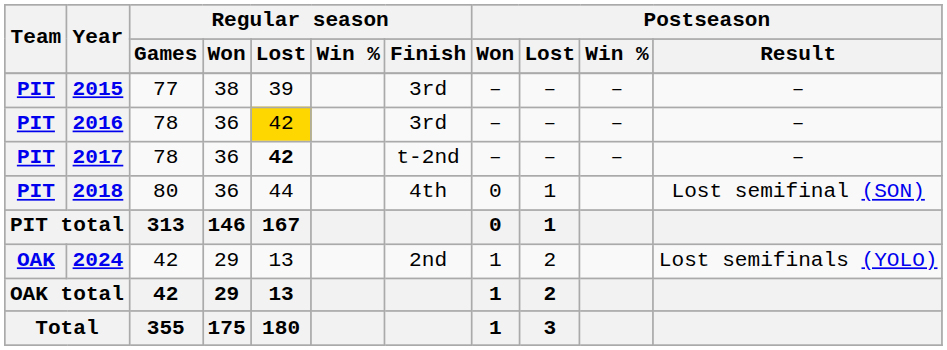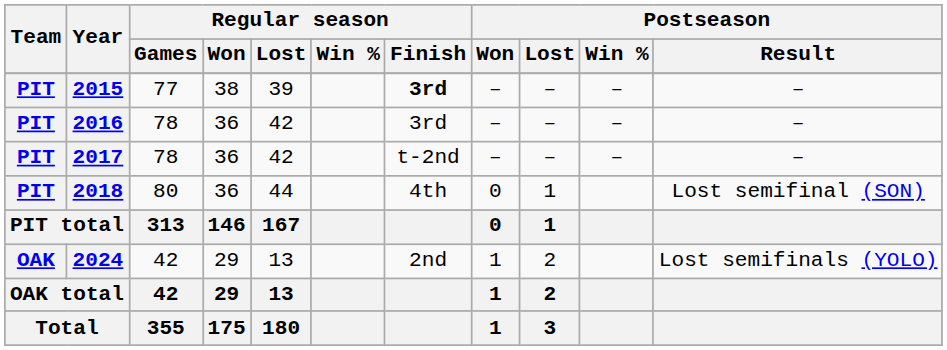 <table class="wikitable" style="font-size: 95%; text-align:center;">
 <tr>
 <th rowspan="2">Team</th>
 <th rowspan="2">Year</th>
 <th colspan="5">Regular season</th>
 <th colspan="4">Postseason</th>
 </tr>
 <tr>
 <th>Games</th>
 <th>Won</th>
 <th>Lost</th>
 <th>Win %</th>
 <th>Finish</th>
 <th>Won</th>
 <th>Lost</th>
 <th>Win %</th>
 <th>Result</th>
 </tr>
 <tr>
 </tr>
 <tr>
 <th><a href='#'>PIT</a></th>
 <th><a href='#'>2015</a></th>
 <td>77</td>
 <td>38</td>
 <td>39</td>
 <td></td>
-<td>3rd</td>
+<td><strong>3rd</strong></td>
 <td>–</td>
 <td>–</td>
 <td>–</td>
 <td>–</td>
 </tr>
 <tr>
 <th><a href='#'>PIT</a></th>
 <th><a href='#'>2016</a></th>
 <td>78</td>
 <td>36</td>
-<td style="background: gold;">42</td>
+<td>42</td>
 <td></td>
 <td>3rd</td>
 <td>–</td>
 <td>–</td>
 <td>–</td>
 <td>–</td>
 </tr>
 <tr>
 <th><a href='#'>PIT</a></th>
 <th><a href='#'>2017</a></th>
 <td>78</td>
 <td>36</td>
-<td><strong>42</strong></td>
+<td>42</td>
 <td></td>
 <td>t-2nd</td>
 <td>–</td>
 <td>–</td>
 <td>–</td>
 <td>–</td>
 </tr>
 <tr>
 <th><a href='#'>PIT</a></th>
 <th><a href='#'>2018</a></th>
 <td>80</td>
 <td>36</td>
 <td>44</td>
 <td></td>
 <td>4th</td>
 <td>0</td>
 <td>1</td>
 <td></td>
 <td>Lost semifinal <a href='#'>(SON)</a></td>
 </tr>
 <tr>
 <th colspan="2">PIT total</th>
 <th>313</th>
 <th>146</th>
 <th>167</th>
 <th></th>
 <th></th>
 <th>0</th>
 <th>1</th>
 <th></th>
 <th></th>
 </tr>
 <tr>
 <th><a href='#'>OAK</a></th>
 <th><a href='#'>2024</a></th>
 <td>42</td>
 <td>29</td>
 <td>13</td>
 <td></td>
 <td>2nd</td>
 <td>1</td>
 <td>2</td>
 <td></td>
 <td>Lost semifinals <a href='#'>(YOLO)</a></td>
 </tr>
 <tr>
 <th colspan="2">OAK total</th>
 <th>42</th>
 <th>29</th>
 <th>13</th>
 <th></th>
 <th></th>
 <th>1</th>
 <th>2</th>
 <th></th>
 <th></th>
 </tr>
 <tr>
 <th colspan="2">Total </th>
 <th>355</th>
 <th>175</th>
 <th>180</th>
 <th></th>
 <th></th>
 <th>1</th>
 <th>3</th>
 <th></th>
 <th></th>
 </tr>
 </table>
